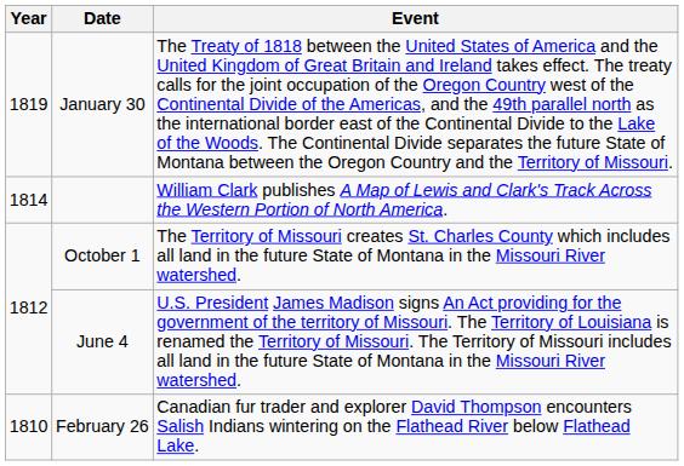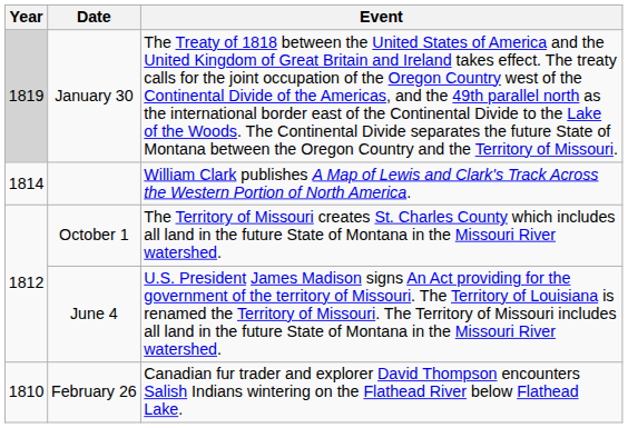 <table class="wikitable" style="width:100%;">
 <tr>
 <th style="width:6%">Year</th>
 <th style="width:8%">Date</th>
 <th style="width:86%">Event</th>
 </tr>
 <tr>
-<td align=center rowspan=1>1819</td>
+<td align=center rowspan=1 style="background: lightgrey;">1819</td>
 <td align=center>January 30</td>
 <td>The <a href='#'>Treaty of 1818</a> between the <a href='#'>United States of America</a> and the <a href='#'>United Kingdom of Great Britain and Ireland</a> takes effect. The treaty calls for the joint occupation of the <a href='#'>Oregon Country</a> west of the <a href='#'>Continental Divide of the Americas</a>, and the <a href='#'>49th parallel north</a> as the international border east of the Continental Divide to the <a href='#'>Lake of the Woods</a>.  The Continental Divide separates the future State of Montana between the Oregon Country and the <a href='#'>Territory of Missouri</a>.</td>
 </tr>
 <tr>
 <td align=center rowspan=1>1814</td>
 <td align=center> </td>
 <td><a href='#'>William Clark</a> publishes <a href='#'><em>A Map of Lewis and Clark's Track Across the Western Portion of North America</em></a>.</td>
 </tr>
 <tr>
 <td align=center rowspan=2>1812</td>
 <td align=center>October 1</td>
 <td>The <a href='#'>Territory of Missouri</a> creates <a href='#'>St. Charles County</a> which includes all land in the future State of Montana in the <a href='#'>Missouri River watershed</a>.</td>
 </tr>
 <tr>
 <td align=center>June 4</td>
 <td><a href='#'>U.S. President</a> <a href='#'>James Madison</a> signs <a href='#'>An Act providing for the government of the territory of Missouri</a>. The <a href='#'>Territory of Louisiana</a> is renamed the <a href='#'>Territory of Missouri</a>. The Territory of Missouri includes all land in the future State of Montana in the <a href='#'>Missouri River watershed</a>.</td>
 </tr>
 <tr>
 <td align=center rowspan=1>1810</td>
 <td align=center>February 26</td>
 <td>Canadian fur trader and explorer <a href='#'>David Thompson</a> encounters <a href='#'>Salish</a> Indians wintering on the <a href='#'>Flathead River</a> below <a href='#'>Flathead Lake</a>.</td>
 </tr>
 </table>
